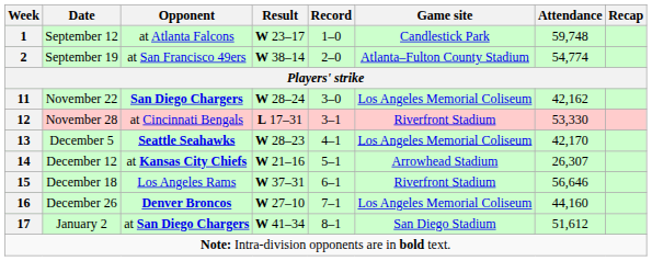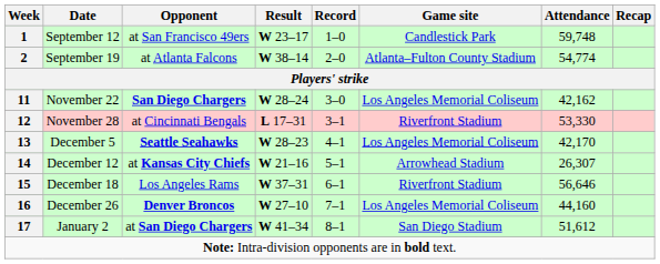 <table class="wikitable" style="text-align:center">
 <tr>
 <th>Week</th>
 <th>Date</th>
 <th>Opponent</th>
 <th>Result</th>
 <th>Record</th>
 <th>Game site</th>
 <th>Attendance</th>
 <th>Recap</th>
 </tr>
 <tr style="background:#cfc">
 <th>1</th>
 <td>September 12</td>
-<td>at <a href='#'>Atlanta Falcons</a></td>
+<td>at <a href='#'>San Francisco 49ers</a></td>
 <td><strong>W</strong> 23–17</td>
 <td>1–0</td>
 <td><a href='#'>Candlestick Park</a></td>
 <td>59,748</td>
 <td></td>
 </tr>
 <tr style="background:#cfc">
 <th>2</th>
 <td>September 19</td>
-<td>at <a href='#'>San Francisco 49ers</a></td>
+<td>at <a href='#'>Atlanta Falcons</a></td>
 <td><strong>W</strong> 38–14</td>
 <td>2–0</td>
 <td><a href='#'>Atlanta–Fulton County Stadium</a></td>
 <td>54,774</td>
 <td></td>
 </tr>
 <tr>
 <th colspan="8" align="center"><em>Players' strike</em></th>
 </tr>
 <tr style="background:#cfc">
 <th>11</th>
 <td>November 22</td>
 <td><strong><a href='#'>San Diego Chargers</a></strong></td>
 <td><strong>W</strong> 28–24</td>
 <td>3–0</td>
 <td><a href='#'>Los Angeles Memorial Coliseum</a></td>
 <td>42,162</td>
 <td></td>
 </tr>
 <tr style="background:#fcc">
 <th>12</th>
 <td>November 28</td>
 <td>at <a href='#'>Cincinnati Bengals</a></td>
 <td><strong>L</strong> 17–31</td>
 <td>3–1</td>
 <td><a href='#'>Riverfront Stadium</a></td>
 <td>53,330</td>
 <td></td>
 </tr>
 <tr style="background:#cfc">
 <th>13</th>
 <td>December 5</td>
 <td><strong><a href='#'>Seattle Seahawks</a></strong></td>
 <td><strong>W</strong> 28–23</td>
 <td>4–1</td>
 <td><a href='#'>Los Angeles Memorial Coliseum</a></td>
 <td>42,170</td>
 <td></td>
 </tr>
 <tr style="background:#cfc">
 <th>14</th>
 <td>December 12</td>
 <td>at <strong><a href='#'>Kansas City Chiefs</a></strong></td>
 <td><strong>W</strong> 21–16</td>
 <td>5–1</td>
 <td><a href='#'>Arrowhead Stadium</a></td>
 <td>26,307</td>
 <td></td>
 </tr>
 <tr style="background:#cfc">
 <th>15</th>
 <td>December 18</td>
 <td><a href='#'>Los Angeles Rams</a></td>
 <td><strong>W</strong> 37–31</td>
 <td>6–1</td>
 <td><a href='#'>Riverfront Stadium</a></td>
 <td>56,646</td>
 <td></td>
 </tr>
 <tr style="background:#cfc">
 <th>16</th>
 <td>December 26</td>
 <td><strong><a href='#'>Denver Broncos</a></strong></td>
 <td><strong>W</strong> 27–10</td>
 <td>7–1</td>
 <td><a href='#'>Los Angeles Memorial Coliseum</a></td>
 <td>44,160</td>
 <td></td>
 </tr>
 <tr style="background:#cfc">
 <th>17</th>
 <td>January 2</td>
 <td>at <strong><a href='#'>San Diego Chargers</a></strong></td>
 <td><strong>W</strong> 41–34</td>
 <td>8–1</td>
 <td><a href='#'>San Diego Stadium</a></td>
 <td>51,612</td>
 <td></td>
 </tr>
 <tr>
 <td colspan="8"><strong>Note:</strong> Intra-division opponents are in <strong>bold</strong> text.</td>
 </tr>
 </table>
